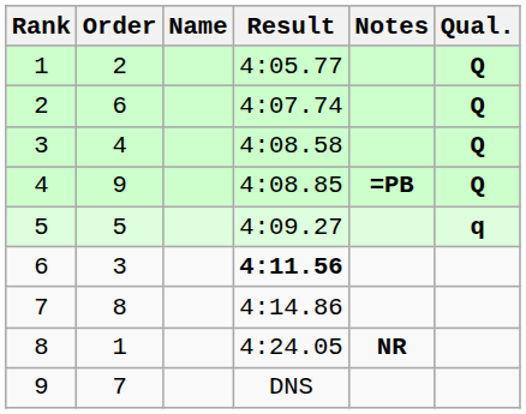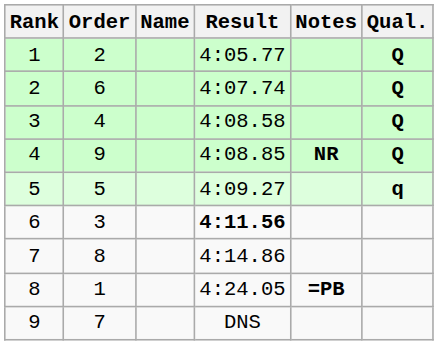 <table class="wikitable sortable" style="text-align:center">
 <tr>
 <th>Rank</th>
 <th>Order</th>
 <th>Name</th>
 <th>Result</th>
 <th>Notes</th>
 <th>Qual.</th>
 </tr>
 <tr style="background:#cfc;">
 <td>1</td>
 <td>2</td>
 <td align="left"></td>
 <td>4:05.77</td>
 <td></td>
 <td><strong>Q</strong></td>
 </tr>
 <tr style="background:#cfc;">
 <td>2</td>
 <td>6</td>
 <td align="left"></td>
 <td>4:07.74</td>
 <td></td>
 <td><strong>Q</strong></td>
 </tr>
 <tr style="background:#cfc;">
 <td>3</td>
 <td>4</td>
 <td align="left"></td>
 <td>4:08.58</td>
 <td></td>
 <td><strong>Q</strong></td>
 </tr>
 <tr style="background:#cfc;">
 <td>4</td>
 <td>9</td>
 <td align="left"></td>
 <td>4:08.85</td>
-<td><strong>=PB</strong></td>
+<td><strong>NR</strong></td>
 <td><strong>Q</strong></td>
 </tr>
 <tr style="background:#dfd;">
 <td>5</td>
 <td>5</td>
 <td align="left"></td>
 <td>4:09.27</td>
 <td></td>
 <td><strong>q</strong></td>
 </tr>
 <tr>
 <td>6</td>
 <td>3</td>
 <td align="left"></td>
 <td><strong>4:11.56</strong></td>
 <td></td>
 <td></td>
 </tr>
 <tr>
 <td>7</td>
 <td>8</td>
 <td align="left"></td>
 <td>4:14.86</td>
 <td></td>
 <td></td>
 </tr>
 <tr>
 <td>8</td>
 <td>1</td>
 <td align="left"></td>
 <td>4:24.05</td>
-<td><strong>NR</strong></td>
+<td><strong>=PB</strong></td>
 <td></td>
 </tr>
 <tr>
 <td>9</td>
 <td>7</td>
 <td align="left"></td>
 <td>DNS</td>
 <td></td>
 <td></td>
 </tr>
 </table>
